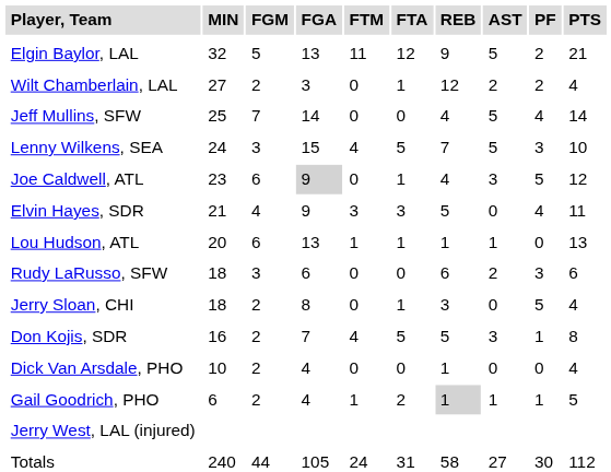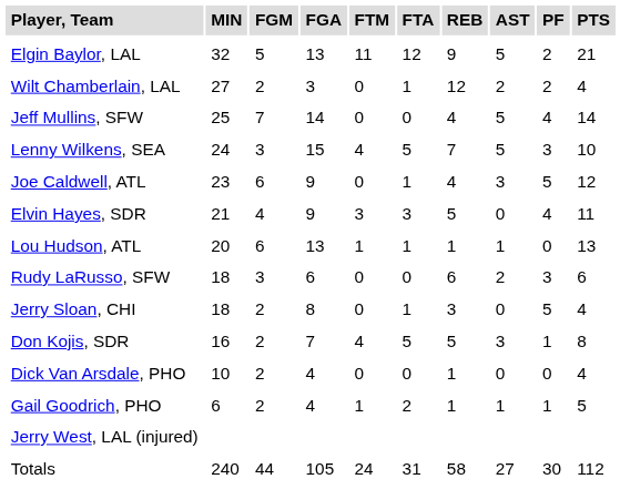 <table cellpadding=5>
 <tr bgcolor="#dddddd">
 <td><strong>Player, Team</strong></td>
 <td><strong>MIN</strong></td>
 <td><strong>FGM</strong></td>
 <td><strong>FGA</strong></td>
 <td><strong>FTM</strong></td>
 <td><strong>FTA</strong></td>
 <td><strong>REB</strong></td>
 <td><strong>AST</strong></td>
 <td><strong>PF</strong></td>
 <td><strong>PTS</strong></td>
 </tr>
 <tr bgcolor="#eeeeee">
 </tr>
 <tr>
 <td><a href='#'>Elgin Baylor</a>, LAL</td>
 <td>32</td>
 <td>5</td>
 <td>13</td>
 <td>11</td>
 <td>12</td>
 <td>9</td>
 <td>5</td>
 <td>2</td>
 <td>21</td>
 </tr>
 <tr>
 <td><a href='#'>Wilt Chamberlain</a>, LAL</td>
 <td>27</td>
 <td>2</td>
 <td>3</td>
 <td>0</td>
 <td>1</td>
 <td>12</td>
 <td>2</td>
 <td>2</td>
 <td>4</td>
 </tr>
 <tr>
 <td><a href='#'>Jeff Mullins</a>, SFW</td>
 <td>25</td>
 <td>7</td>
 <td>14</td>
 <td>0</td>
 <td>0</td>
 <td>4</td>
 <td>5</td>
 <td>4</td>
 <td>14</td>
 </tr>
 <tr>
 <td><a href='#'>Lenny Wilkens</a>, SEA</td>
 <td>24</td>
 <td>3</td>
 <td>15</td>
 <td>4</td>
 <td>5</td>
 <td>7</td>
 <td>5</td>
 <td>3</td>
 <td>10</td>
 </tr>
 <tr>
 <td><a href='#'>Joe Caldwell</a>, ATL</td>
 <td>23</td>
 <td>6</td>
-<td style="background: lightgrey;">9</td>
+<td>9</td>
 <td>0</td>
 <td>1</td>
 <td>4</td>
 <td>3</td>
 <td>5</td>
 <td>12</td>
 </tr>
 <tr>
 <td><a href='#'>Elvin Hayes</a>, SDR</td>
 <td>21</td>
 <td>4</td>
 <td>9</td>
 <td>3</td>
 <td>3</td>
 <td>5</td>
 <td>0</td>
 <td>4</td>
 <td>11</td>
 </tr>
 <tr>
 <td><a href='#'>Lou Hudson</a>, ATL</td>
 <td>20</td>
 <td>6</td>
 <td>13</td>
 <td>1</td>
 <td>1</td>
 <td>1</td>
 <td>1</td>
 <td>0</td>
 <td>13</td>
 </tr>
 <tr>
 <td><a href='#'>Rudy LaRusso</a>, SFW</td>
 <td>18</td>
 <td>3</td>
 <td>6</td>
 <td>0</td>
 <td>0</td>
 <td>6</td>
 <td>2</td>
 <td>3</td>
 <td>6</td>
 </tr>
 <tr>
 <td><a href='#'>Jerry Sloan</a>, CHI</td>
 <td>18</td>
 <td>2</td>
 <td>8</td>
 <td>0</td>
 <td>1</td>
 <td>3</td>
 <td>0</td>
 <td>5</td>
 <td>4</td>
 </tr>
 <tr>
 <td><a href='#'>Don Kojis</a>, SDR</td>
 <td>16</td>
 <td>2</td>
 <td>7</td>
 <td>4</td>
 <td>5</td>
 <td>5</td>
 <td>3</td>
 <td>1</td>
 <td>8</td>
 </tr>
 <tr>
 <td><a href='#'>Dick Van Arsdale</a>, PHO</td>
 <td>10</td>
 <td>2</td>
 <td>4</td>
 <td>0</td>
 <td>0</td>
 <td>1</td>
 <td>0</td>
 <td>0</td>
 <td>4</td>
 </tr>
 <tr>
 <td><a href='#'>Gail Goodrich</a>, PHO</td>
 <td>6</td>
 <td>2</td>
 <td>4</td>
 <td>1</td>
 <td>2</td>
-<td style="background: lightgrey;">1</td>
+<td>1</td>
 <td>1</td>
 <td>1</td>
 <td>5</td>
 </tr>
 <tr>
 <td><a href='#'>Jerry West</a>, LAL (injured)</td>
 </tr>
 <tr>
 <td>Totals</td>
 <td>240</td>
 <td>44</td>
 <td>105</td>
 <td>24</td>
 <td>31</td>
 <td>58</td>
 <td>27</td>
 <td>30</td>
 <td>112</td>
 </tr>
 <tr>
 </tr>
 </table>
